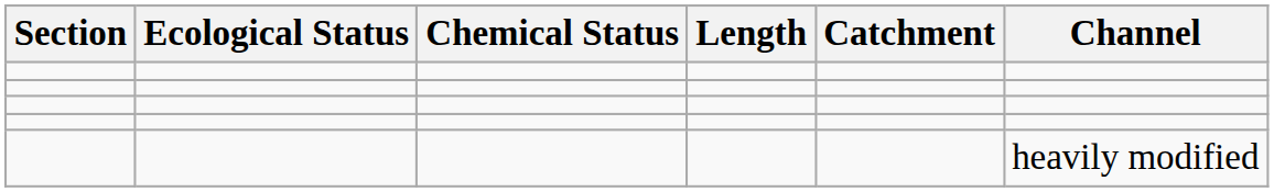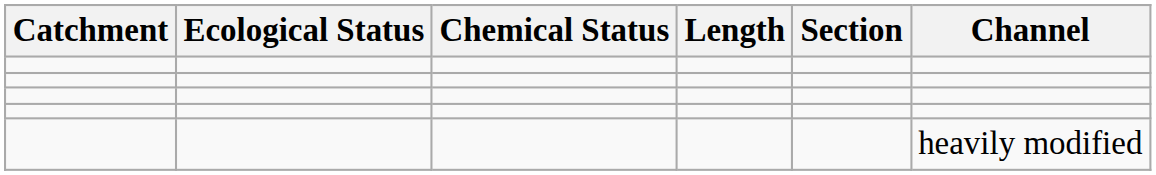 <table class="wikitable">
 <tr>
-<th>Section</th>
+<th>Catchment</th>
 <th>Ecological Status</th>
 <th>Chemical Status</th>
 <th>Length</th>
-<th>Catchment</th>
+<th>Section</th>
 <th>Channel</th>
 </tr>
 <tr>
 <td></td>
 <td></td>
 <td></td>
 <td></td>
 <td></td>
 <td></td>
 </tr>
 <tr>
 <td></td>
 <td></td>
 <td></td>
 <td></td>
 <td></td>
 <td></td>
 </tr>
 <tr>
 <td></td>
 <td></td>
 <td></td>
 <td></td>
 <td></td>
 <td></td>
 </tr>
 <tr>
 <td></td>
 <td></td>
 <td></td>
 <td></td>
 <td></td>
 <td></td>
 </tr>
 <tr>
 <td></td>
 <td></td>
 <td></td>
 <td></td>
 <td></td>
 <td>heavily modified</td>
 </tr>
 </table>
